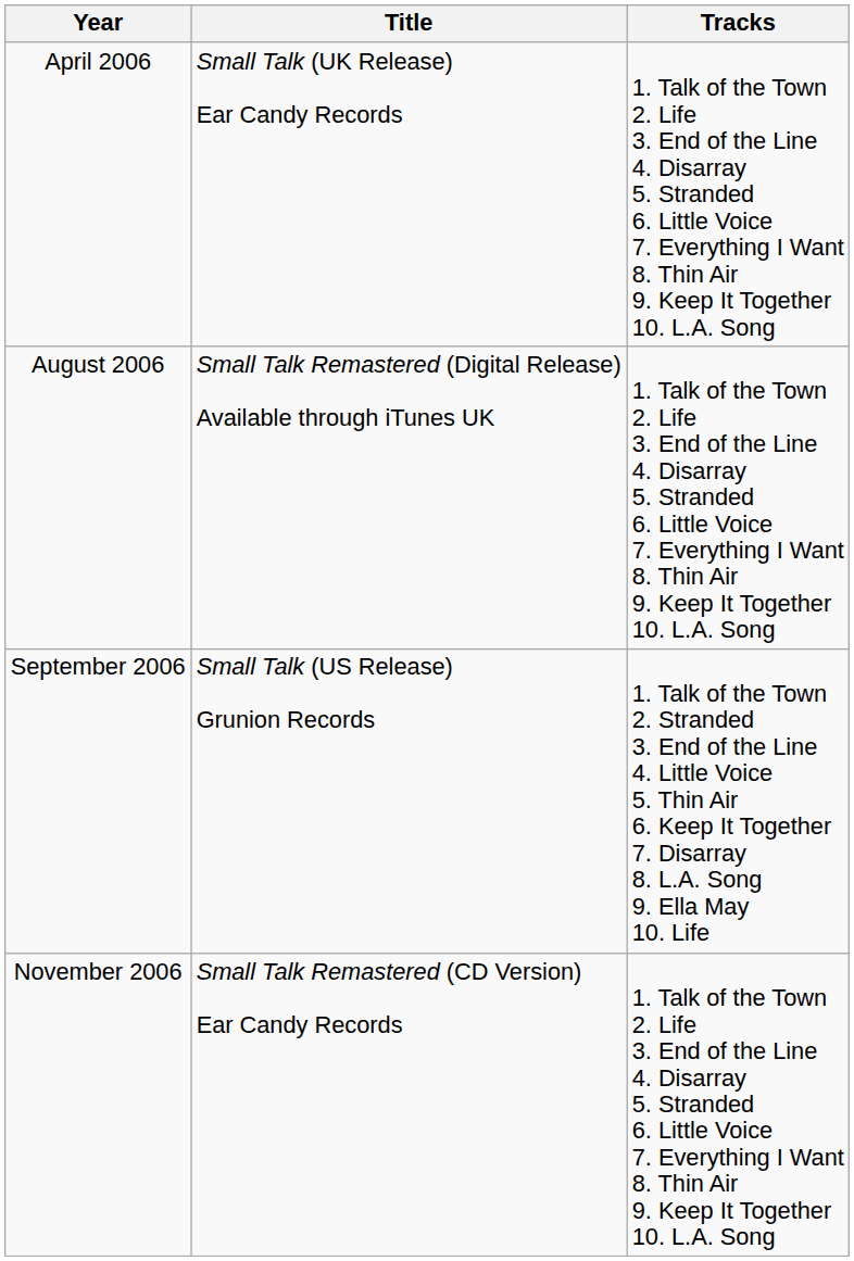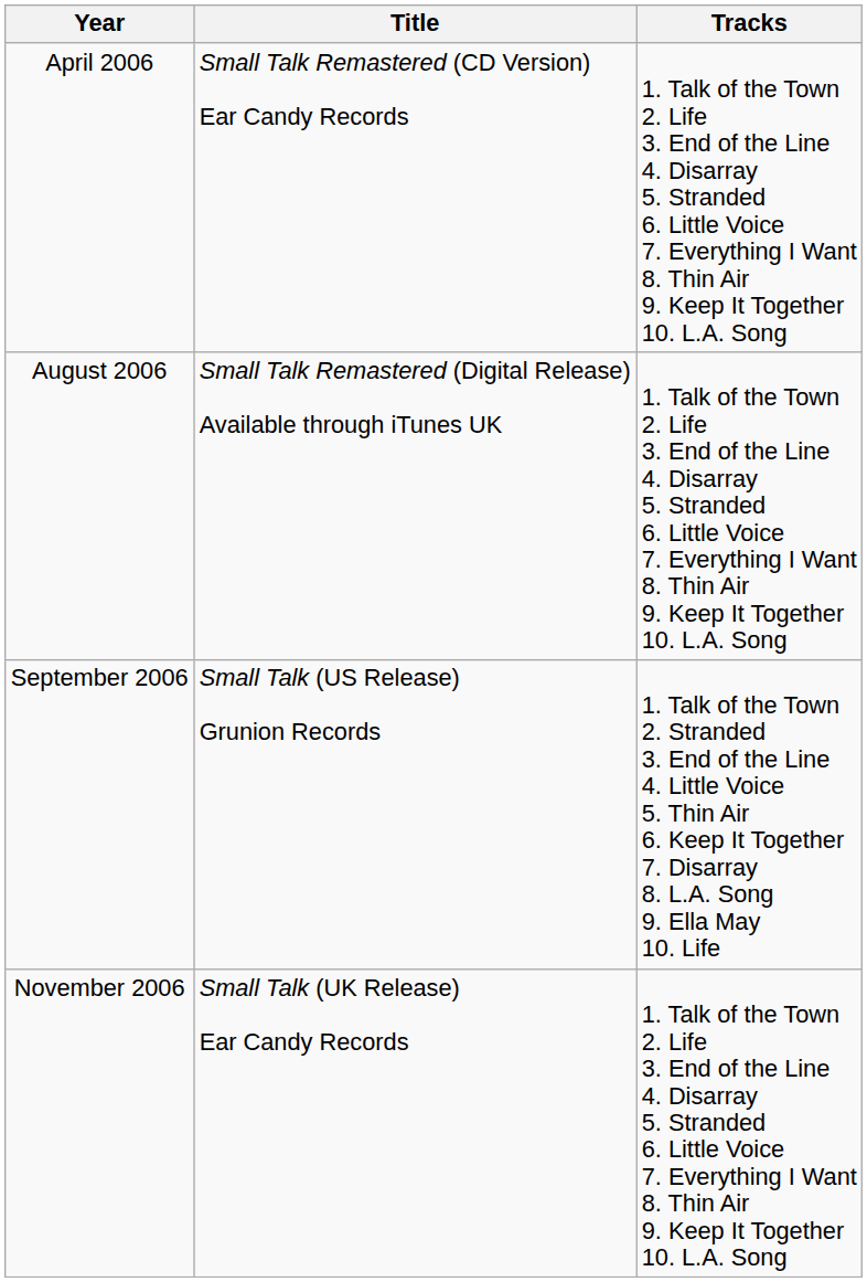 <table class="wikitable">
 <tr>
 <th>Year</th>
 <th>Title</th>
 <th>Tracks</th>
 </tr>
 <tr>
 <td align="center" valign="top">April 2006</td>
-<td align="left" valign="top"><em>Small Talk </em>(UK Release)<br><br>Ear Candy Records<br></td>
+<td align="left" valign="top"><em>Small Talk Remastered</em> (CD Version)<br><br>Ear Candy Records<br></td>
 <td align="left" valign="top"><br>1. Talk of the Town<br> 2. Life<br> 3. End of the Line<br> 4. Disarray<br> 5. Stranded<br> 6. Little Voice<br> 7. Everything I Want<br> 8. Thin Air<br> 9. Keep It Together<br> 10. L.A. Song<br></td>
 </tr>
 <tr>
 <td align="center" valign="top">August 2006</td>
 <td align="left" valign="top"><em>Small Talk Remastered</em> (Digital Release)<br><br>Available through iTunes UK<br></td>
 <td align="left" valign="top"><br>1. Talk of the Town<br> 2. Life<br> 3. End of the Line<br> 4. Disarray<br> 5. Stranded<br> 6. Little Voice<br> 7. Everything I Want<br> 8. Thin Air<br> 9. Keep It Together<br> 10. L.A. Song<br></td>
 </tr>
 <tr>
 <td align="center" valign="top">September 2006</td>
 <td align="left" valign="top"><em>Small Talk</em> (US Release)<br><br>Grunion Records<br></td>
 <td align="left" valign="top"><br>1. Talk of the Town<br> 2. Stranded<br> 3. End of the Line<br> 4. Little Voice<br> 5. Thin Air<br> 6. Keep It Together<br> 7. Disarray<br> 8. L.A. Song<br> 9. Ella May<br> 10. Life<br></td>
 </tr>
 <tr>
 <td align="center" valign="top">November 2006</td>
-<td align="left" valign="top"><em>Small Talk Remastered</em> (CD Version)<br><br>Ear Candy Records<br></td>
+<td align="left" valign="top"><em>Small Talk </em>(UK Release)<br><br>Ear Candy Records<br></td>
 <td align="left" valign="top"><br>1. Talk of the Town<br> 2. Life<br> 3. End of the Line<br> 4. Disarray<br> 5. Stranded<br> 6. Little Voice<br> 7. Everything I Want<br> 8. Thin Air<br> 9. Keep It Together<br> 10. L.A. Song<br></td>
 </tr>
 </table>
